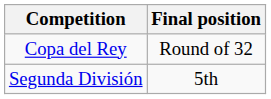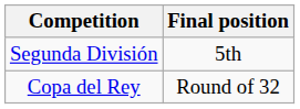 <table class="wikitable" style="font-size:100%; text-align:center">
 <tr>
 <th>Competition</th>
 <th>Final position</th>
 </tr>
 <tr style="background:">
+<td><a href='#'>Segunda División</a></td>
+<td>5th</td>
+</tr>
+<tr style="background:">
 <td><a href='#'>Copa del Rey</a></td>
 <td>Round of 32</td>
 </tr>
-<tr style="background:">
-<td><a href='#'>Segunda División</a></td>
-<td>5th</td>
-</tr>
 </table>
